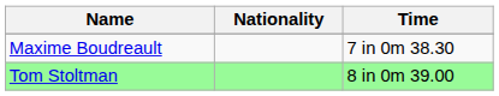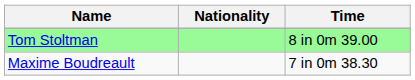 <table class="wikitable" style="display: inline-table;width: 50%;">
 <tr>
 <th>Name</th>
 <th>Nationality</th>
 <th>Time</th>
 </tr>
 <tr>
 </tr>
+<tr style="background:palegreen">
+<td><a href='#'>Tom Stoltman</a></td>
+<td></td>
+<td>8 in 0m 39.00</td>
+</tr>
 <tr>
 <td><a href='#'>Maxime Boudreault</a></td>
 <td></td>
 <td>7 in 0m 38.30</td>
 </tr>
-<tr style="background:palegreen">
-<td><a href='#'>Tom Stoltman</a></td>
-<td></td>
-<td>8 in 0m 39.00</td>
-</tr>
 </table>
